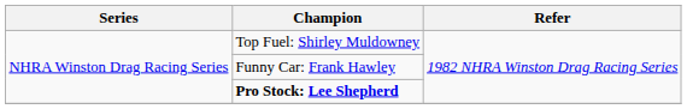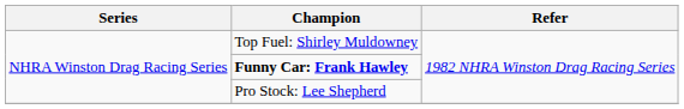 <table class="wikitable" style="font-size:87%;">
 <tr>
 <th>Series</th>
 <th>Champion</th>
 <th>Refer</th>
 </tr>
 <tr>
 <td rowspan=3><a href='#'>NHRA Winston Drag Racing Series</a></td>
 <td>Top Fuel:  <a href='#'>Shirley Muldowney</a></td>
 <td rowspan=3><em><a href='#'>1982 NHRA Winston Drag Racing Series</a></em></td>
 </tr>
 <tr>
-<td>Funny Car:  <a href='#'>Frank Hawley</a></td>
+<td><strong>Funny Car:  <a href='#'>Frank Hawley</a></strong></td>
 </tr>
 <tr>
-<td><strong>Pro Stock:  <a href='#'>Lee Shepherd</a></strong></td>
+<td>Pro Stock:  <a href='#'>Lee Shepherd</a></td>
 </tr>
 <tr>
 </tr>
 </table>
